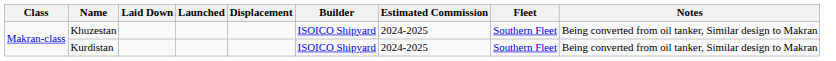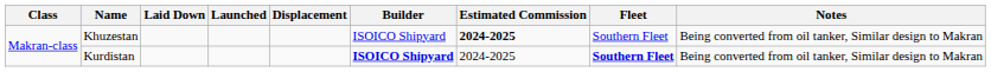 <table class="wikitable">
 <tr>
 <th>Class</th>
 <th>Name</th>
 <th>Laid Down</th>
 <th>Launched</th>
 <th>Displacement</th>
 <th>Builder</th>
 <th>Estimated Commission</th>
 <th>Fleet</th>
 <th>Notes</th>
 </tr>
 <tr>
 <td rowspan="2"><a href='#'>Makran-class</a></td>
 <td>Khuzestan</td>
 <td></td>
 <td></td>
 <td></td>
 <td><a href='#'>ISOICO Shipyard</a></td>
-<td>2024-2025</td>
+<td><strong>2024-2025</strong></td>
 <td><a href='#'>Southern Fleet</a></td>
 <td>Being converted from oil tanker, Similar design to Makran</td>
 </tr>
 <tr>
 <td>Kurdistan</td>
 <td></td>
 <td></td>
 <td></td>
-<td><a href='#'>ISOICO Shipyard</a></td>
+<td><strong><a href='#'>ISOICO Shipyard</a></strong></td>
 <td>2024-2025</td>
-<td><a href='#'>Southern Fleet</a></td>
+<td><strong><a href='#'>Southern Fleet</a></strong></td>
 <td>Being converted from oil tanker, Similar design to Makran</td>
 </tr>
 </table>
